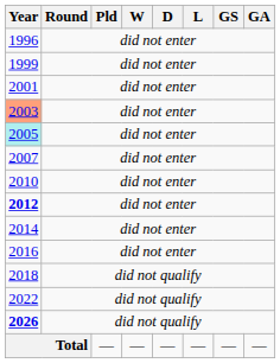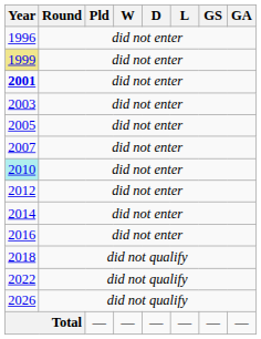 <table class="wikitable" style="text-align: center;">
 <tr>
 <th scope="col">Year</th>
 <th scope="col">Round</th>
 <th style="width: 1.6em;" scope="col">Pld</th>
 <th style="width: 1.6em;" scope="col">W</th>
 <th style="width: 1.6em;" scope="col">D</th>
 <th style="width: 1.6em;" scope="col">L</th>
 <th style="width: 1.6em;" scope="col">GS</th>
 <th style="width: 1.6em;" scope="col">GA</th>
 </tr>
 <tr>
 <td> <a href='#'>1996</a></td>
 <td colspan="7"><em>did not enter</em></td>
 </tr>
 <tr>
-<td> <a href='#'>1999</a></td>
+<td style="background: khaki;"> <a href='#'>1999</a></td>
 <td colspan="7"><em>did not enter</em></td>
 </tr>
 <tr>
-<td> <a href='#'>2001</a></td>
+<td><strong> <a href='#'>2001</a></strong></td>
 <td colspan="7"><em>did not enter</em></td>
 </tr>
 <tr>
-<td style="background: lightsalmon;"> <a href='#'>2003</a></td>
+<td> <a href='#'>2003</a></td>
 <td colspan="7"><em>did not enter</em></td>
 </tr>
 <tr>
-<td style="background: paleturquoise;"> <a href='#'>2005</a></td>
+<td> <a href='#'>2005</a></td>
 <td colspan="7"><em>did not enter</em></td>
 </tr>
 <tr>
 <td> <a href='#'>2007</a></td>
 <td colspan="7"><em>did not enter</em></td>
 </tr>
 <tr>
-<td> <a href='#'>2010</a></td>
+<td style="background: paleturquoise;"> <a href='#'>2010</a></td>
 <td colspan="7"><em>did not enter</em></td>
 </tr>
 <tr>
-<td><strong> <a href='#'>2012</a></strong></td>
+<td> <a href='#'>2012</a></td>
 <td colspan="7"><em>did not enter</em></td>
 </tr>
 <tr>
 <td> <a href='#'>2014</a></td>
 <td colspan="7"><em>did not enter</em></td>
 </tr>
 <tr>
 <td> <a href='#'>2016</a></td>
 <td colspan="7"><em>did not enter</em></td>
 </tr>
 <tr>
 <td> <a href='#'>2018</a></td>
 <td colspan="7"><em>did not qualify</em></td>
 </tr>
 <tr>
 <td> <a href='#'>2022</a></td>
 <td colspan="7"><em>did not qualify</em></td>
 </tr>
 <tr>
-<td><strong> <a href='#'>2026</a></strong></td>
+<td> <a href='#'>2026</a></td>
 <td colspan="7"><em>did not qualify</em></td>
 </tr>
 <tr>
 <th style="text-align: right;" colspan="2" scope="row">Total</th>
 <td>—</td>
 <td>—</td>
 <td>—</td>
 <td>—</td>
 <td>—</td>
 <td>—</td>
 </tr>
 </table>
